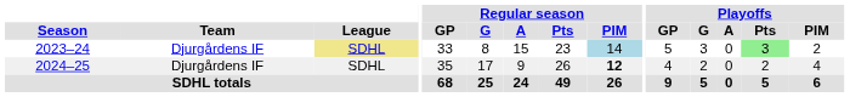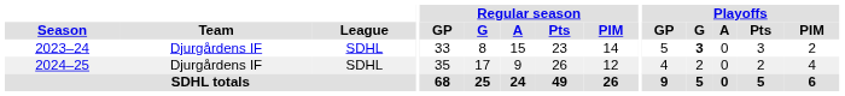 <table border="0" cellpadding="1" cellspacing="0" style="text-align:center; width:60em">
 <tr bgcolor="#e0e0e0">
 <th colspan="3" bgcolor="#ffffff"></th>
 <th rowspan="97" bgcolor="#ffffff"></th>
 <th colspan="5"><a href='#'>Regular season</a></th>
 <th rowspan="97" bgcolor="#ffffff"></th>
 <th colspan="5"><a href='#'>Playoffs</a></th>
 </tr>
 <tr bgcolor="#e0e0e0">
 <th><a href='#'>Season</a></th>
 <th>Team</th>
 <th>League</th>
 <th>GP</th>
 <th><a href='#'>G</a></th>
 <th><a href='#'>A</a></th>
 <th><a href='#'>Pts</a></th>
 <th><a href='#'>PIM</a></th>
 <th>GP</th>
 <th>G</th>
 <th>A</th>
 <th>Pts</th>
 <th>PIM</th>
 </tr>
 <tr>
 <td><a href='#'>2023–24</a></td>
 <td><a href='#'>Djurgårdens IF</a></td>
-<td style="background: khaki;"><a href='#'>SDHL</a></td>
+<td><a href='#'>SDHL</a></td>
 <td>33</td>
 <td>8</td>
 <td>15</td>
 <td>23</td>
-<td style="background: lightblue;">14</td>
+<td>14</td>
 <td>5</td>
+<td><strong>3</strong></td>
+<td>0</td>
 <td>3</td>
-<td>0</td>
-<td style="background: lightgreen;">3</td>
 <td>2</td>
 </tr>
 <tr bgcolor="#f0f0f0">
 <td><a href='#'>2024–25</a></td>
 <td>Djurgårdens IF</td>
 <td>SDHL</td>
 <td>35</td>
 <td>17</td>
 <td>9</td>
 <td>26</td>
-<td><strong>12</strong></td>
+<td>12</td>
 <td>4</td>
 <td>2</td>
 <td>0</td>
 <td>2</td>
 <td>4</td>
 </tr>
 <tr bgcolor="#e0e0e0">
 <th colspan="3">SDHL totals</th>
 <th>68</th>
 <th>25</th>
 <th>24</th>
 <th>49</th>
 <th>26</th>
 <th>9</th>
 <th>5</th>
 <th>0</th>
 <th>5</th>
 <th>6</th>
 </tr>
 </table>
